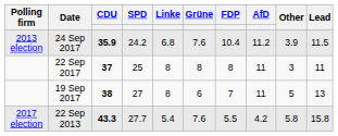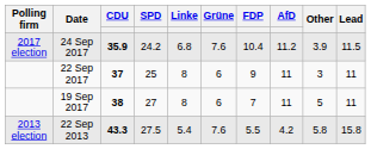 <table class="wikitable sortable" style="text-align:center; font-size:90%; line-height:16px;">
 <tr>
 <th style="width:60px;" rowspan="2">Polling firm</th>
 <th style="width:60px;" rowspan="2">Date</th>
 <th style="width:40px;" class="unsortable"><a href='#'>CDU</a></th>
 <th style="width:40px;" class="unsortable"><a href='#'>SPD</a></th>
 <th style="width:40px;" class="unsortable"><a href='#'>Linke</a></th>
 <th style="width:40px;" class="unsortable"><a href='#'>Grüne</a></th>
 <th style="width:40px;" class="unsortable"><a href='#'>FDP</a></th>
 <th style="width:40px;" class="unsortable"><a href='#'>AfD</a></th>
 <th style="width:40px;" rowspan="2" class="unsortable">Other</th>
 <th style="width:30px;" rowspan="2" class="unsortable">Lead</th>
 </tr>
 <tr>
 <th style="color:inherit;background:"></th>
 <th style="color:inherit;background:"></th>
 <th style="color:inherit;background:"></th>
 <th style="color:inherit;background:"></th>
 <th style="color:inherit;background:"></th>
 <th style="color:inherit;background:"></th>
 </tr>
 <tr style="background-color:#E9E9E9">
-<td><a href='#'>2013 election</a></td>
+<td><a href='#'>2017 election</a></td>
 <td>24 Sep 2017</td>
 <td><strong>35.9</strong></td>
 <td>24.2</td>
 <td>6.8</td>
 <td>7.6</td>
 <td>10.4</td>
 <td>11.2</td>
 <td>3.9</td>
 <td style="background:">11.5</td>
 </tr>
 <tr>
 <td></td>
 <td>22 Sep 2017</td>
 <td><strong>37</strong></td>
 <td>25</td>
 <td>8</td>
-<td>8</td>
-<td>8</td>
+<td>6</td>
+<td>9</td>
 <td>11</td>
 <td>3</td>
 <td style="background:">11</td>
 </tr>
 <tr>
 <td></td>
 <td>19 Sep 2017</td>
 <td><strong>38</strong></td>
 <td>27</td>
 <td>8</td>
 <td>6</td>
 <td>7</td>
 <td>11</td>
 <td>5</td>
-<td style="background:">13</td>
+<td style="background:">11</td>
 </tr>
 <tr style="background-color:#E9E9E9">
-<td><a href='#'>2017 election</a></td>
+<td><a href='#'>2013 election</a></td>
 <td>22 Sep 2013</td>
 <td><strong>43.3</strong></td>
-<td>27.7</td>
+<td>27.5</td>
 <td>5.4</td>
 <td>7.6</td>
 <td>5.5</td>
 <td>4.2</td>
 <td>5.8</td>
 <td style="background:">15.8</td>
 </tr>
 </table>
